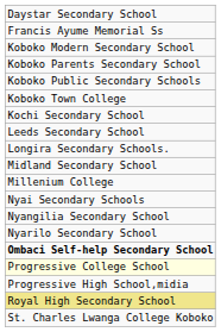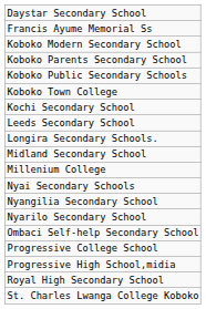 <table class="wikitable">
 <tr>
 <td>Daystar Secondary School</td>
 </tr>
 <tr>
 <td>Francis Ayume Memorial Ss</td>
 </tr>
 <tr>
 <td>Koboko Modern Secondary School</td>
 </tr>
 <tr>
 <td>Koboko Parents Secondary School</td>
 </tr>
 <tr>
 <td>Koboko Public Secondary Schools</td>
 </tr>
 <tr>
 <td>Koboko Town College</td>
 </tr>
 <tr>
 <td>Kochi Secondary School</td>
 </tr>
 <tr>
 <td>Leeds Secondary School</td>
 </tr>
 <tr>
 <td>Longira Secondary Schools.</td>
 </tr>
 <tr>
 <td>Midland Secondary School</td>
 </tr>
 <tr>
 <td>Millenium College</td>
 </tr>
 <tr>
 <td>Nyai Secondary Schools</td>
 </tr>
 <tr>
 <td>Nyangilia Secondary School</td>
 </tr>
 <tr>
 <td>Nyarilo Secondary School</td>
 </tr>
 <tr>
-<td><strong>Ombaci Self-help Secondary School</strong></td>
+<td>Ombaci Self-help Secondary School</td>
 </tr>
 <tr>
-<td style="background: lightyellow;">Progressive College School</td>
+<td>Progressive College School</td>
 </tr>
 <tr>
 <td>Progressive High School,midia</td>
 </tr>
 <tr>
-<td style="background: khaki;">Royal High Secondary School</td>
+<td>Royal High Secondary School</td>
 </tr>
 <tr>
 <td>St. Charles Lwanga College Koboko</td>
 </tr>
 </table>
